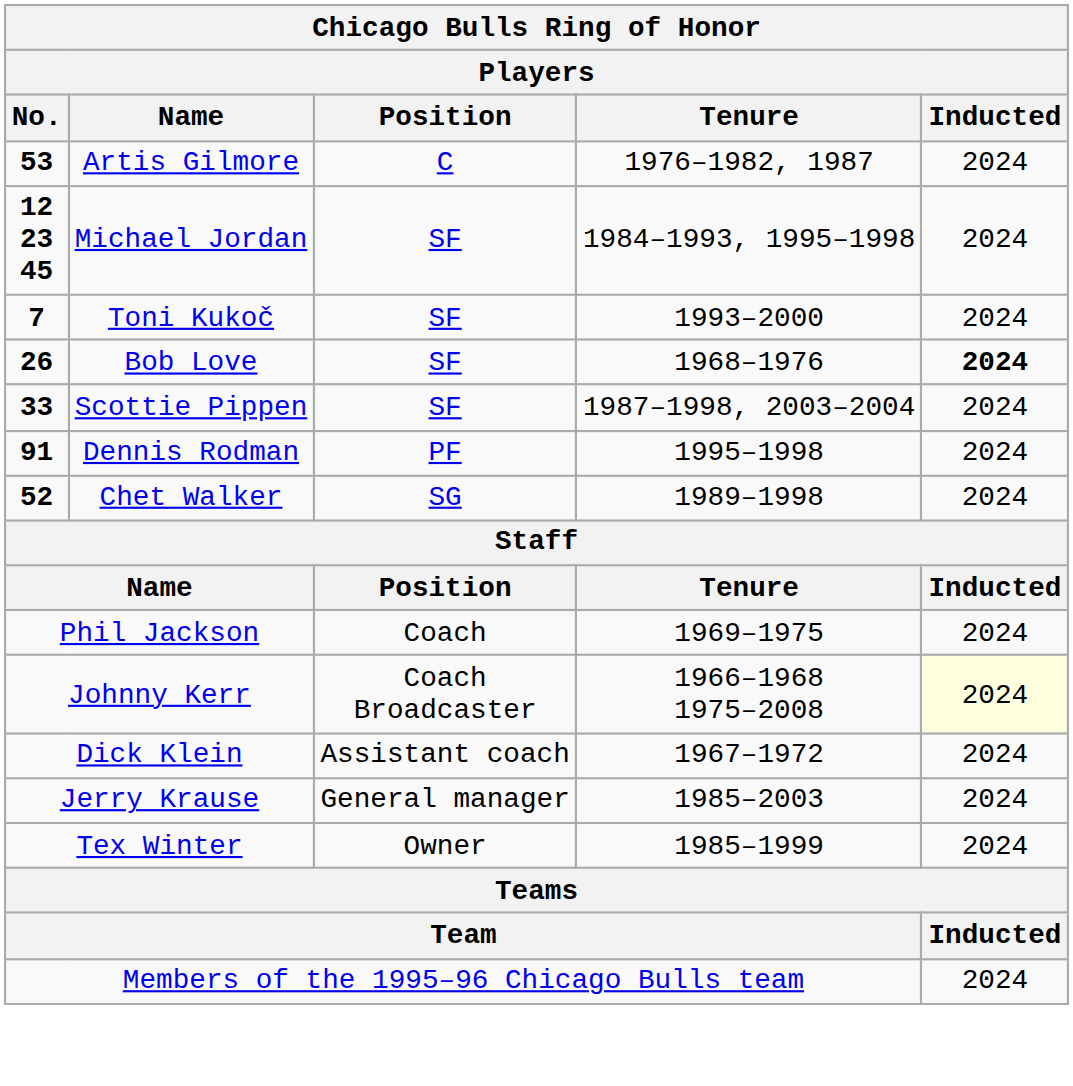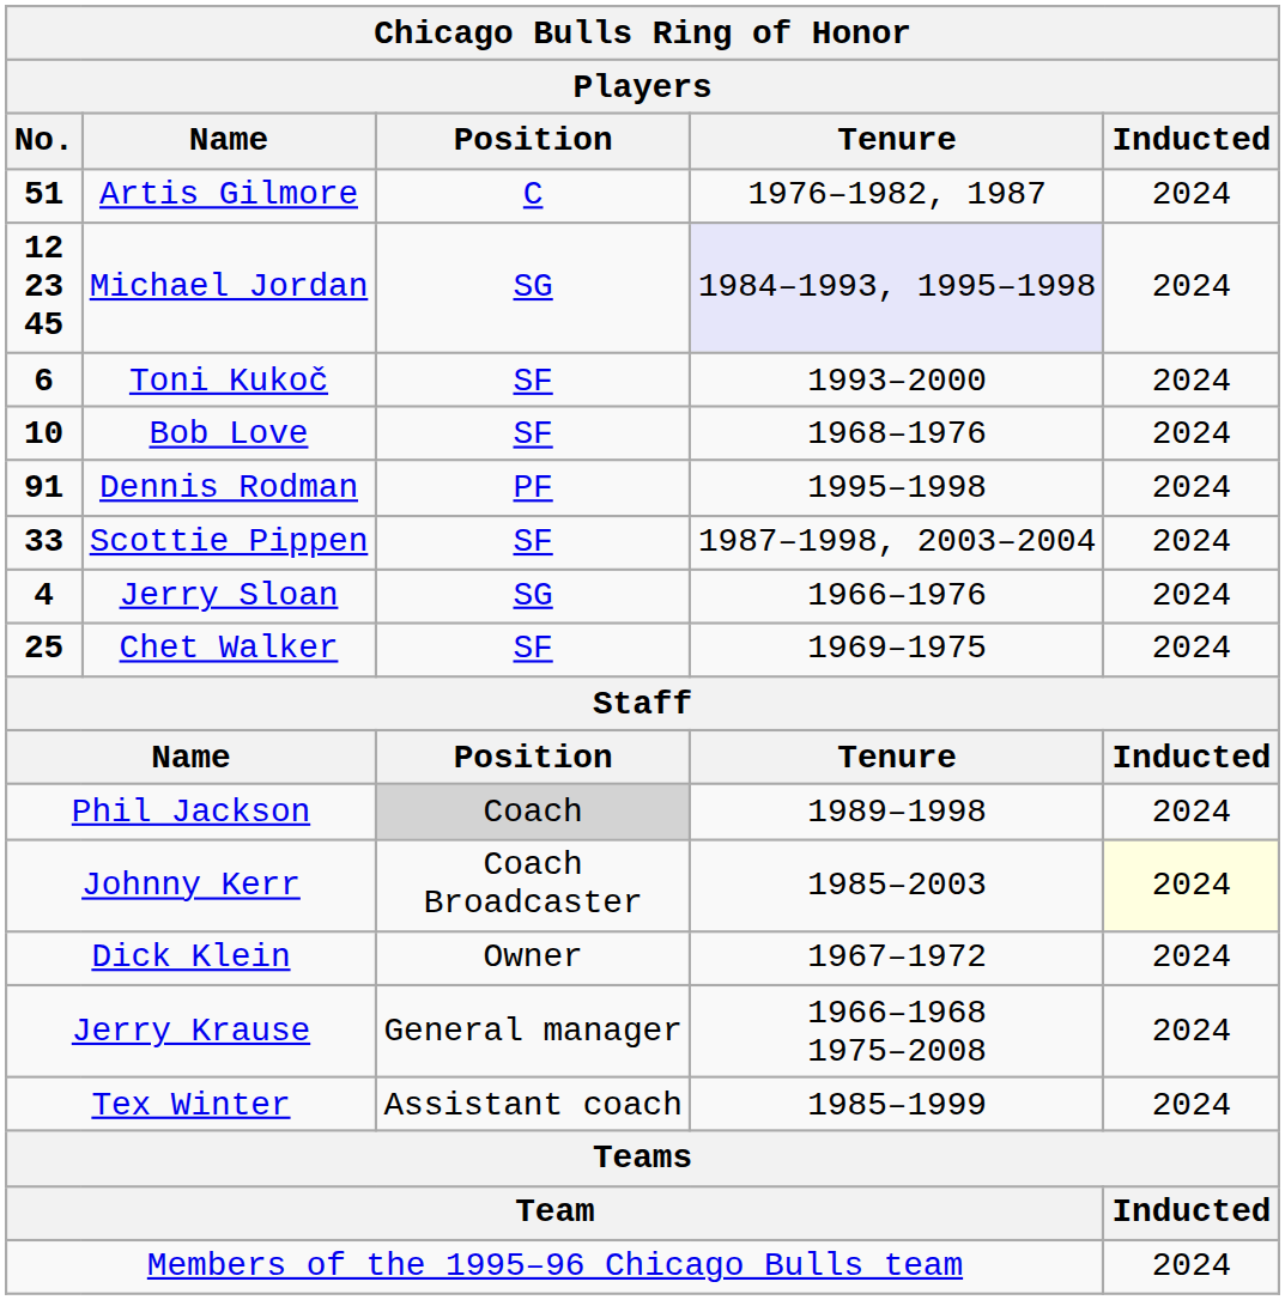 <table class="wikitable" style="text-align:center">
 <tr>
 <th colspan="5">Chicago Bulls Ring of Honor</th>
 </tr>
 <tr>
 <th colspan="5" style="text-align:center; ">Players</th>
 </tr>
 <tr>
 <th>No.</th>
 <th>Name</th>
 <th>Position</th>
 <th>Tenure</th>
 <th>Inducted</th>
 </tr>
 <tr>
-<td><strong>53</strong></td>
+<td><strong>51</strong></td>
 <td><a href='#'>Artis Gilmore</a></td>
 <td><a href='#'>C</a></td>
 <td>1976–1982, 1987</td>
 <td>2024</td>
 </tr>
 <tr>
 <td><strong>12</strong><br><strong>23</strong><br><strong>45</strong></td>
 <td><a href='#'>Michael Jordan</a></td>
-<td><a href='#'>SF</a></td>
-<td>1984–1993, 1995–1998</td>
+<td><a href='#'>SG</a></td>
+<td style="background: lavender;">1984–1993, 1995–1998</td>
 <td>2024</td>
 </tr>
 <tr>
-<td><strong>7</strong></td>
+<td><strong>6</strong></td>
 <td><a href='#'>Toni Kukoč</a></td>
 <td><a href='#'>SF</a></td>
 <td>1993–2000</td>
 <td>2024</td>
 </tr>
 <tr>
-<td><strong>26</strong></td>
+<td><strong>10</strong></td>
 <td><a href='#'>Bob Love</a></td>
 <td><a href='#'>SF</a></td>
 <td>1968–1976</td>
-<td><strong>2024</strong></td>
-</tr>
-<tr>
-<td><strong>33</strong></td>
-<td><a href='#'>Scottie Pippen</a></td>
-<td><a href='#'>SF</a></td>
-<td>1987–1998, 2003–2004</td>
 <td>2024</td>
 </tr>
 <tr>
 <td><strong>91</strong></td>
 <td><a href='#'>Dennis Rodman</a></td>
 <td><a href='#'>PF</a></td>
 <td>1995–1998</td>
 <td>2024</td>
 </tr>
 <tr>
-<td><strong>52</strong></td>
+<td><strong>33</strong></td>
+<td><a href='#'>Scottie Pippen</a></td>
+<td><a href='#'>SF</a></td>
+<td>1987–1998, 2003–2004</td>
+<td>2024</td>
+</tr>
+<tr>
+<td><strong>4</strong></td>
+<td><a href='#'>Jerry Sloan</a></td>
+<td><a href='#'>SG</a></td>
+<td>1966–1976</td>
+<td>2024</td>
+</tr>
+<tr>
+<td><strong>25</strong></td>
 <td><a href='#'>Chet Walker</a></td>
-<td><a href='#'>SG</a></td>
-<td>1989–1998</td>
+<td><a href='#'>SF</a></td>
+<td>1969–1975</td>
 <td>2024</td>
 </tr>
 <tr>
 <th colspan="5" style="text-align:center; ">Staff</th>
 </tr>
 <tr>
 <th colspan="2">Name</th>
 <th>Position</th>
 <th>Tenure</th>
 <th>Inducted</th>
 </tr>
 <tr>
 <td colspan="2"><a href='#'>Phil Jackson</a></td>
-<td>Coach</td>
-<td>1969–1975</td>
+<td style="background: lightgrey;">Coach</td>
+<td>1989–1998</td>
 <td>2024</td>
 </tr>
 <tr>
 <td colspan="2"><a href='#'>Johnny Kerr</a></td>
 <td>Coach<br>Broadcaster</td>
-<td>1966–1968<br>1975–2008</td>
+<td>1985–2003</td>
 <td style="background: lightyellow;">2024</td>
 </tr>
 <tr>
 <td colspan="2"><a href='#'>Dick Klein</a></td>
-<td>Assistant coach</td>
+<td>Owner</td>
 <td>1967–1972</td>
 <td>2024</td>
 </tr>
 <tr>
 <td colspan="2"><a href='#'>Jerry Krause</a></td>
 <td>General manager</td>
-<td>1985–2003</td>
+<td>1966–1968<br>1975–2008</td>
 <td>2024</td>
 </tr>
 <tr>
 <td colspan="2"><a href='#'>Tex Winter</a></td>
-<td>Owner</td>
+<td>Assistant coach</td>
 <td>1985–1999</td>
 <td>2024</td>
 </tr>
 <tr>
 <th colspan="5" style="text-align:center; ">Teams</th>
 </tr>
 <tr>
 <th colspan="4">Team</th>
 <th>Inducted</th>
 </tr>
 <tr>
 <td colspan="4"><a href='#'>Members of the 1995–96 Chicago Bulls team</a></td>
 <td>2024</td>
 </tr>
 </table>
